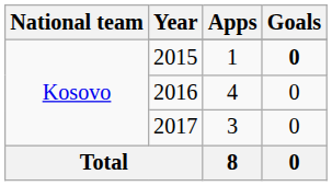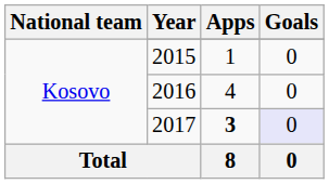 <table class="wikitable" style="text-align:center">
 <tr>
 <th>National team</th>
 <th>Year</th>
 <th>Apps</th>
 <th>Goals</th>
 </tr>
 <tr>
 <td rowspan="4"><a href='#'>Kosovo</a></td>
 </tr>
 <tr>
 <td>2015</td>
 <td>1</td>
-<td><strong>0</strong></td>
+<td>0</td>
 </tr>
 <tr>
 <td>2016</td>
 <td>4</td>
 <td>0</td>
 </tr>
 <tr>
 <td>2017</td>
-<td>3</td>
-<td>0</td>
+<td><strong>3</strong></td>
+<td style="background: lavender;">0</td>
 </tr>
 <tr>
 <th colspan="2">Total</th>
 <th>8</th>
 <th>0</th>
 </tr>
 </table>
